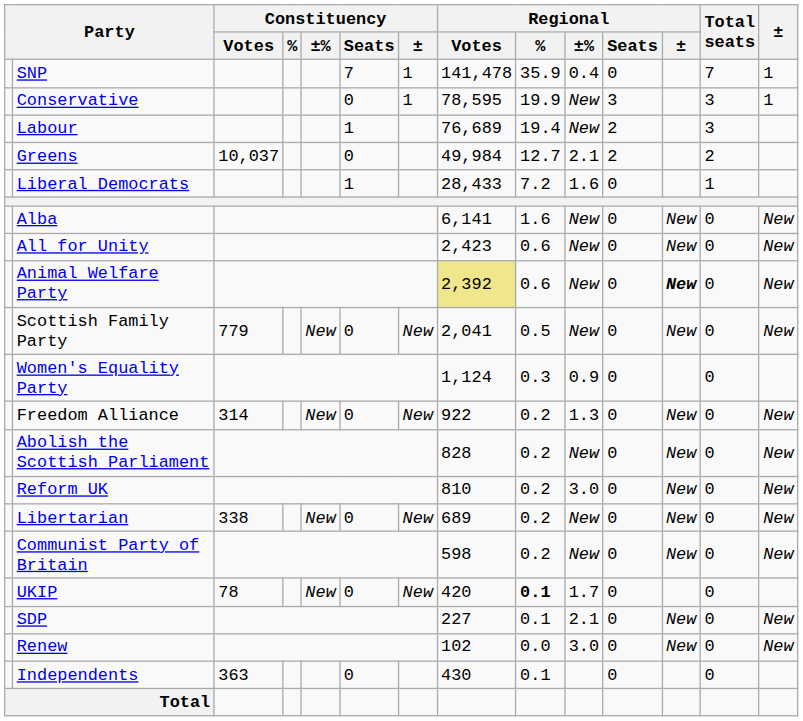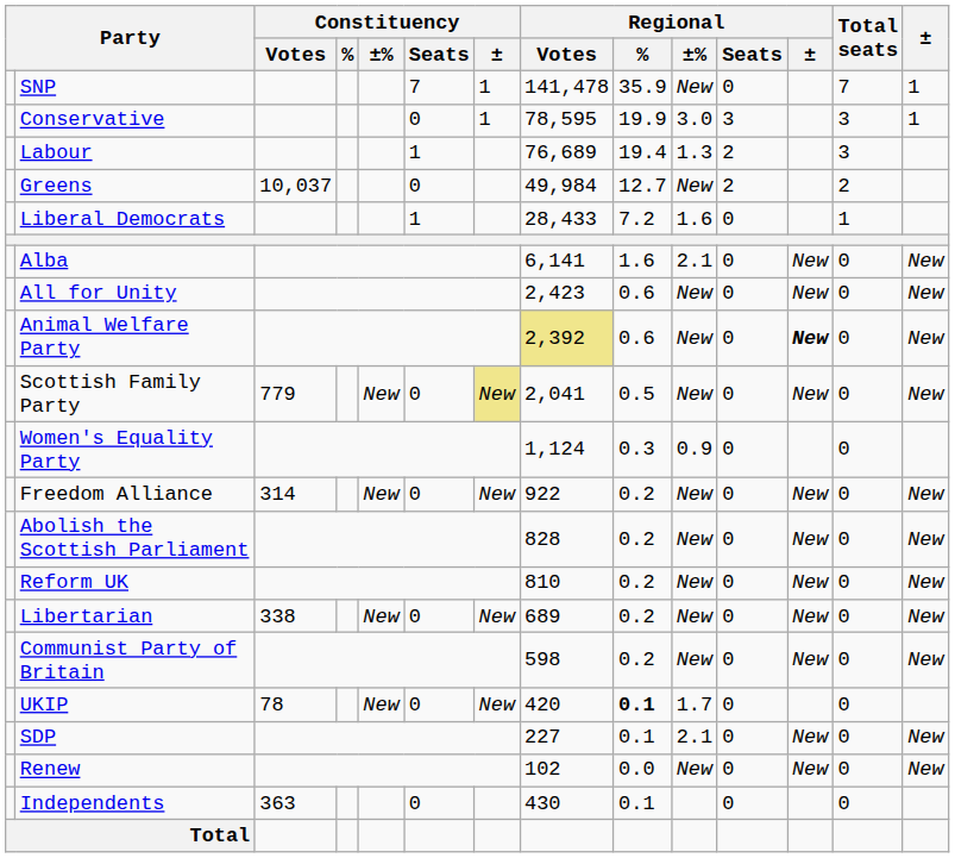 <table class="wikitable sortable">
 <tr>
 <th colspan="2" rowspan="2">Party</th>
 <th colspan="5">Constituency</th>
 <th colspan="5">Regional</th>
 <th rowspan="2">Total<br>seats</th>
 <th rowspan="2">±</th>
 </tr>
 <tr>
 <th>Votes</th>
 <th>%</th>
 <th>±%</th>
 <th>Seats</th>
 <th>±</th>
 <th>Votes</th>
 <th>%</th>
 <th>±%</th>
 <th>Seats</th>
 <th>±</th>
 </tr>
 <tr>
 <td style="color:inherit;background:"></td>
 <td><a href='#'>SNP</a></td>
 <td></td>
 <td></td>
 <td></td>
 <td>7</td>
 <td>1</td>
 <td>141,478</td>
 <td>35.9</td>
-<td>0.4</td>
+<td><em>New</em></td>
 <td>0</td>
 <td></td>
 <td>7</td>
 <td>1</td>
 </tr>
 <tr>
 <td style="color:inherit;background:"></td>
 <td><a href='#'>Conservative</a></td>
 <td></td>
 <td></td>
 <td></td>
 <td>0</td>
 <td>1</td>
 <td>78,595</td>
 <td>19.9</td>
-<td><em>New</em></td>
+<td>3.0</td>
 <td>3</td>
 <td></td>
 <td>3</td>
 <td>1</td>
 </tr>
 <tr>
 <td style="color:inherit;background:"></td>
 <td><a href='#'>Labour</a></td>
 <td></td>
 <td></td>
 <td></td>
 <td>1</td>
 <td></td>
 <td>76,689</td>
 <td>19.4</td>
-<td><em>New</em></td>
+<td>1.3</td>
 <td>2</td>
 <td></td>
 <td>3</td>
 <td></td>
 </tr>
 <tr>
 <td style="color:inherit;background:"></td>
 <td><a href='#'>Greens</a></td>
 <td>10,037</td>
 <td></td>
 <td></td>
 <td>0</td>
 <td></td>
 <td>49,984</td>
 <td>12.7</td>
-<td>2.1</td>
+<td><em>New</em></td>
 <td>2</td>
 <td></td>
 <td>2</td>
 <td></td>
 </tr>
 <tr>
 <td style="color:inherit;background:"></td>
 <td><a href='#'>Liberal Democrats</a></td>
 <td></td>
 <td></td>
 <td></td>
 <td>1</td>
 <td></td>
 <td>28,433</td>
 <td>7.2</td>
 <td>1.6</td>
 <td>0</td>
 <td></td>
 <td>1</td>
 <td></td>
 </tr>
 <tr>
 <th colspan=14></th>
 </tr>
 <tr>
 <td style="color:inherit;background:"></td>
 <td><a href='#'>Alba</a></td>
 <td colspan="5"></td>
 <td>6,141</td>
 <td>1.6</td>
-<td><em>New</em></td>
+<td>2.1</td>
 <td>0</td>
 <td><em>New</em></td>
 <td>0</td>
 <td><em>New</em></td>
 </tr>
 <tr>
 <td style="color:inherit;background:"></td>
 <td><a href='#'>All for Unity</a></td>
 <td colspan="5"></td>
 <td>2,423</td>
 <td>0.6</td>
 <td><em>New</em></td>
 <td>0</td>
 <td><em>New</em></td>
 <td>0</td>
 <td><em>New</em></td>
 </tr>
 <tr>
 <td style="color:inherit;background:"></td>
 <td><a href='#'>Animal Welfare Party</a></td>
 <td colspan="5"></td>
 <td style="background: khaki;">2,392</td>
 <td>0.6</td>
 <td><em>New</em></td>
 <td>0</td>
 <td><strong><em>New</em></strong></td>
 <td>0</td>
 <td><em>New</em></td>
 </tr>
 <tr>
 <td style="color:inherit;background:"></td>
 <td>Scottish Family Party</td>
 <td>779</td>
 <td></td>
 <td><em>New</em></td>
 <td>0</td>
-<td><em>New</em></td>
+<td style="background: khaki;"><em>New</em></td>
 <td>2,041</td>
 <td>0.5</td>
 <td><em>New</em></td>
 <td>0</td>
 <td><em>New</em></td>
 <td>0</td>
 <td><em>New</em></td>
 </tr>
 <tr>
 <td style="color:inherit;background:"></td>
 <td><a href='#'>Women's Equality Party</a></td>
 <td colspan="5"></td>
 <td>1,124</td>
 <td>0.3</td>
 <td>0.9</td>
 <td>0</td>
 <td></td>
 <td>0</td>
 <td></td>
 </tr>
 <tr>
 <td style="color:inherit;background:"></td>
 <td>Freedom Alliance</td>
 <td>314</td>
 <td></td>
 <td><em>New</em></td>
 <td>0</td>
 <td><em>New</em></td>
 <td>922</td>
 <td>0.2</td>
-<td>1.3</td>
+<td><em>New</em></td>
 <td>0</td>
 <td><em>New</em></td>
 <td>0</td>
 <td><em>New</em></td>
 </tr>
 <tr>
 <td style="color:inherit;background:"></td>
 <td><a href='#'>Abolish the Scottish Parliament</a></td>
 <td colspan="5"></td>
 <td>828</td>
 <td>0.2</td>
 <td><em>New</em></td>
 <td>0</td>
 <td><em>New</em></td>
 <td>0</td>
 <td><em>New</em></td>
 </tr>
 <tr>
 <td style="color:inherit;background:"></td>
 <td><a href='#'>Reform UK</a></td>
 <td colspan="5"></td>
 <td>810</td>
 <td>0.2</td>
-<td>3.0</td>
+<td><em>New</em></td>
 <td>0</td>
 <td><em>New</em></td>
 <td>0</td>
 <td><em>New</em></td>
 </tr>
 <tr>
 <td style="color:inherit;background:"></td>
 <td><a href='#'>Libertarian</a></td>
 <td>338</td>
 <td></td>
 <td><em>New</em></td>
 <td>0</td>
 <td><em>New</em></td>
 <td>689</td>
 <td>0.2</td>
 <td><em>New</em></td>
 <td>0</td>
 <td><em>New</em></td>
 <td>0</td>
 <td><em>New</em></td>
 </tr>
 <tr>
 <td style="color:inherit;background:"></td>
 <td><a href='#'>Communist Party of Britain</a></td>
 <td colspan="5"></td>
 <td>598</td>
 <td>0.2</td>
 <td><em>New</em></td>
 <td>0</td>
 <td><em>New</em></td>
 <td>0</td>
 <td><em>New</em></td>
 </tr>
 <tr>
 <td style="color:inherit;background:"></td>
 <td><a href='#'>UKIP</a></td>
 <td>78</td>
 <td></td>
 <td><em>New</em></td>
 <td>0</td>
 <td><em>New</em></td>
 <td>420</td>
 <td><strong>0.1</strong></td>
 <td>1.7</td>
 <td>0</td>
 <td></td>
 <td>0</td>
 <td></td>
 </tr>
 <tr>
 <td style="color:inherit;background:"></td>
 <td><a href='#'>SDP</a></td>
 <td colspan="5"></td>
 <td>227</td>
 <td>0.1</td>
 <td>2.1</td>
 <td>0</td>
 <td><em>New</em></td>
 <td>0</td>
 <td><em>New</em></td>
 </tr>
 <tr>
 <td style="color:inherit;background:"></td>
 <td><a href='#'>Renew</a></td>
 <td colspan="5"></td>
 <td>102</td>
 <td>0.0</td>
-<td>3.0</td>
+<td><em>New</em></td>
 <td>0</td>
 <td><em>New</em></td>
 <td>0</td>
 <td><em>New</em></td>
 </tr>
 <tr>
 <td style="color:inherit;background:"></td>
 <td><a href='#'>Independents</a></td>
 <td>363</td>
 <td></td>
 <td></td>
 <td>0</td>
 <td></td>
 <td>430</td>
 <td>0.1</td>
 <td></td>
 <td>0</td>
 <td></td>
 <td>0</td>
 <td></td>
 </tr>
 <tr class="sortbottom">
 <th colspan="2" style="text-align:right;"><strong>Total</strong></th>
 <td></td>
 <td></td>
 <td></td>
 <td></td>
 <td></td>
 <td></td>
 <td></td>
 <td></td>
 <td></td>
 <td></td>
 <td></td>
 <td></td>
 </tr>
 </table>
